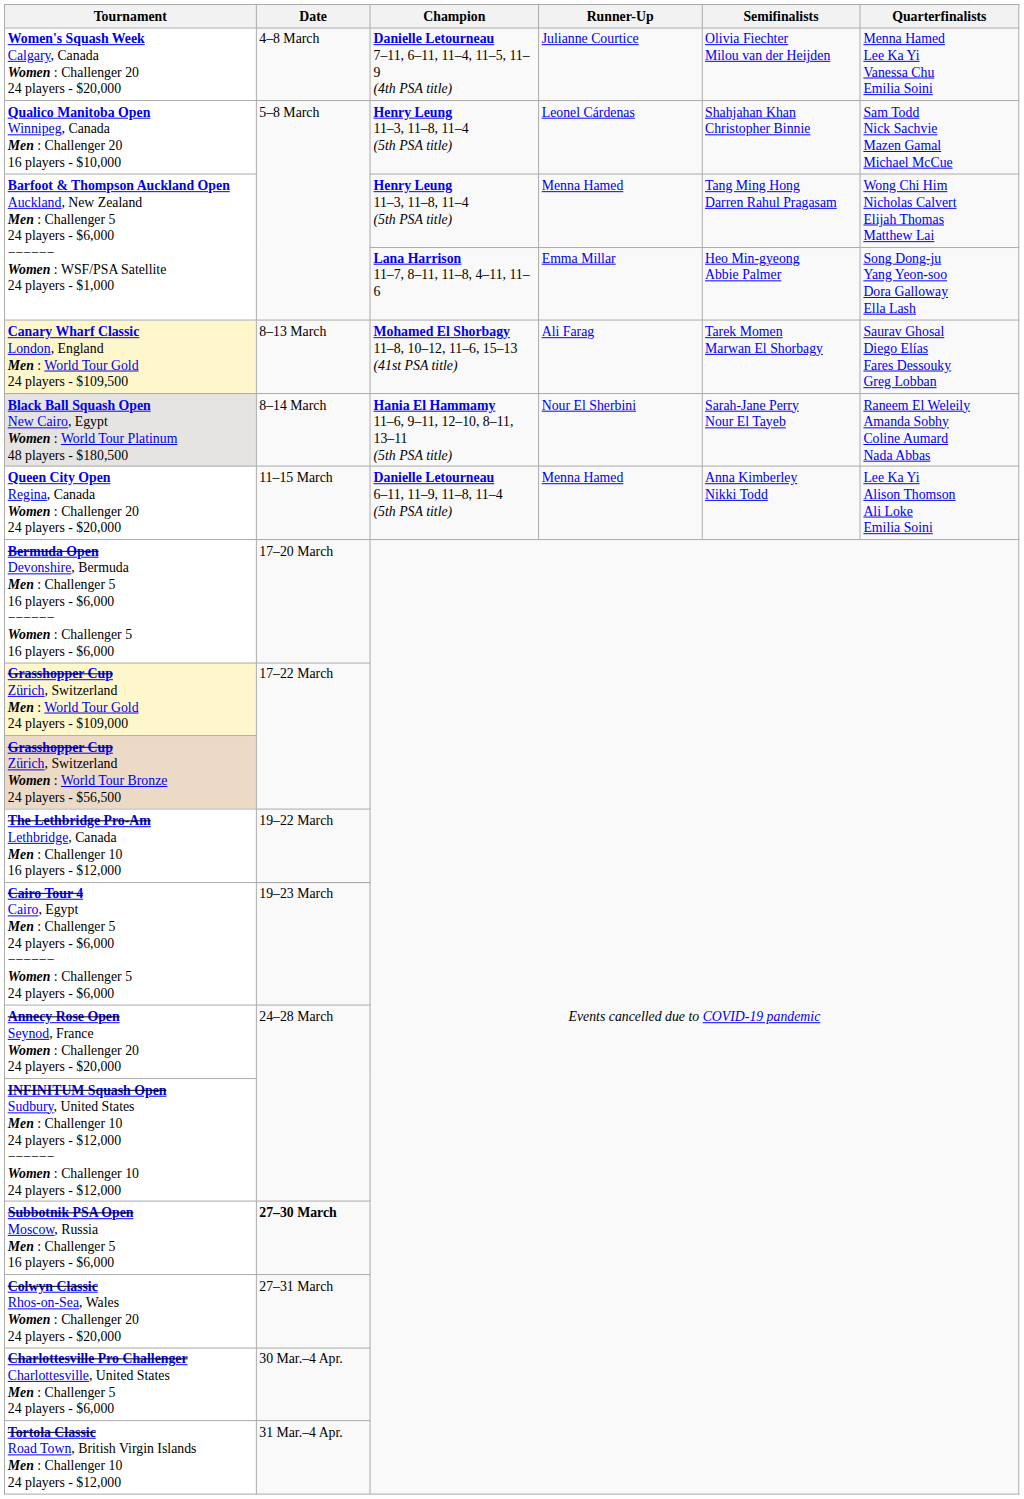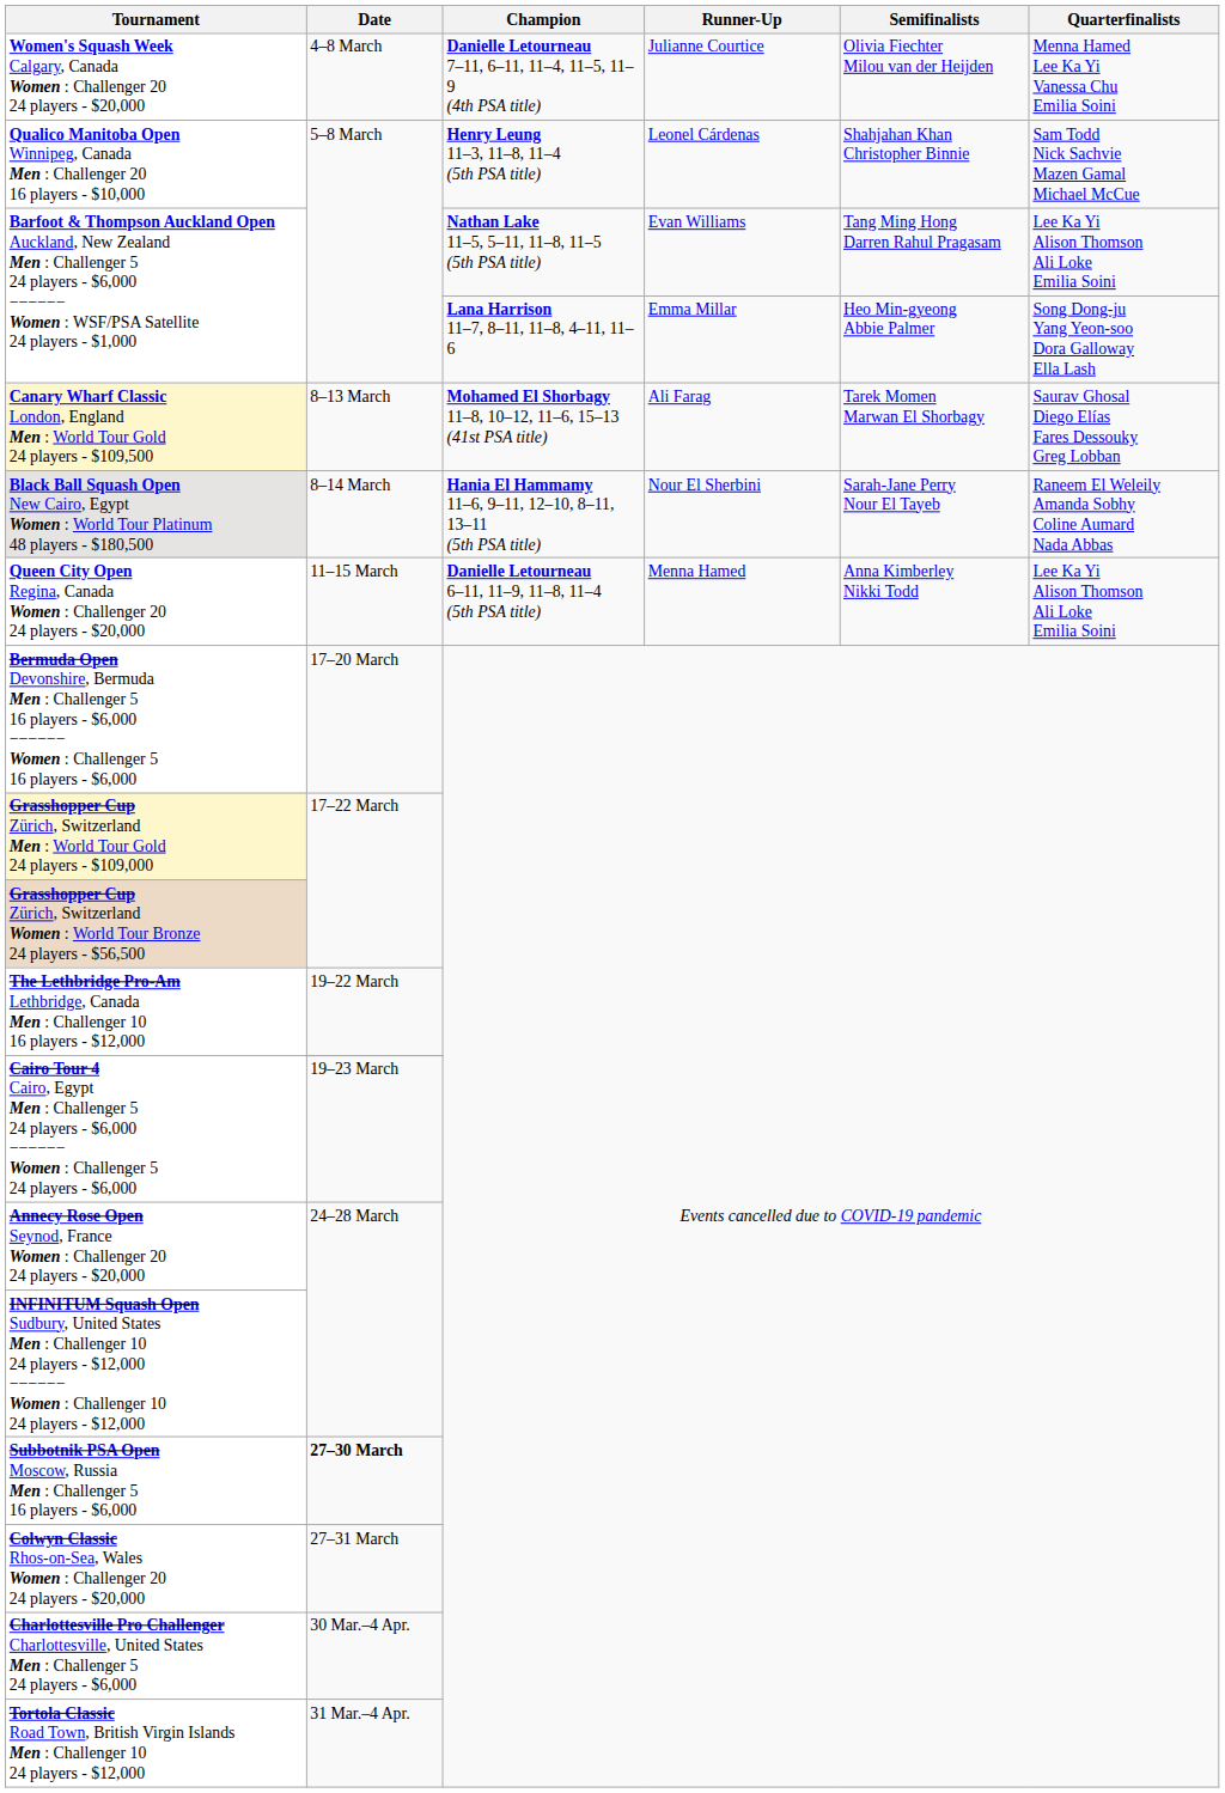 <table class="wikitable" style="font-size:88%">
 <tr>
 <th width=250>Tournament</th>
 <th width=110>Date</th>
 <th width=165>Champion</th>
 <th width=160>Runner-Up</th>
 <th width=155>Semifinalists</th>
 <th width=155>Quarterfinalists</th>
 </tr>
 <tr valign=top>
 <td style="background:#fff;"><strong><a href='#'> Women's Squash Week</a></strong><br> <a href='#'>Calgary</a>, Canada<br><strong> <em>Women</em> </strong>: Challenger 20<br>24 players - $20,000</td>
 <td>4–8 March</td>
 <td> <strong><a href='#'>Danielle Letourneau</a></strong><br>7–11, 6–11, 11–4, 11–5, 11–9<br><em>(4th PSA title)</em></td>
 <td> <a href='#'>Julianne Courtice</a></td>
 <td> <a href='#'>Olivia Fiechter</a><br> <a href='#'>Milou van der Heijden</a></td>
 <td> <a href='#'>Menna Hamed</a><br> <a href='#'>Lee Ka Yi</a><br> <a href='#'>Vanessa Chu</a><br> <a href='#'>Emilia Soini</a></td>
 </tr>
 <tr valign=top>
 <td style="background:#fff;"><strong><a href='#'>Qualico Manitoba Open</a></strong><br> <a href='#'>Winnipeg</a>, Canada<br><strong> <em>Men</em> </strong>: Challenger 20<br>16 players - $10,000</td>
 <td rowspan=3>5–8 March</td>
 <td> <strong><a href='#'>Henry Leung</a></strong><br>11–3, 11–8, 11–4<br><em>(5th PSA title)</em></td>
 <td> <a href='#'>Leonel Cárdenas</a></td>
 <td> <a href='#'>Shahjahan Khan</a><br> <a href='#'>Christopher Binnie</a></td>
 <td> <a href='#'>Sam Todd</a><br> <a href='#'>Nick Sachvie</a><br> <a href='#'>Mazen Gamal</a><br> <a href='#'>Michael McCue</a></td>
 </tr>
 <tr valign=top>
 <td rowspan=2 style="background:#fff;"><strong><a href='#'>Barfoot & Thompson Auckland Open</a></strong><br> <a href='#'>Auckland</a>, New Zealand<br><strong> <em>Men</em> </strong>: Challenger 5<br>24 players - $6,000<br>−−−−−−<br><strong> <em>Women</em> </strong>: WSF/PSA Satellite<br>24 players - $1,000</td>
-<td> <strong><a href='#'>Henry Leung</a></strong><br>11–3, 11–8, 11–4<br><em>(5th PSA title)</em></td>
-<td> <a href='#'>Menna Hamed</a></td>
+<td> <strong><a href='#'>Nathan Lake</a></strong><br>11–5, 5–11, 11–8, 11–5<br><em>(5th PSA title)</em></td>
+<td> <a href='#'>Evan Williams</a></td>
 <td> <a href='#'>Tang Ming Hong</a><br> <a href='#'>Darren Rahul Pragasam</a></td>
-<td> <a href='#'>Wong Chi Him</a><br> <a href='#'>Nicholas Calvert</a><br> <a href='#'>Elijah Thomas</a><br> <a href='#'>Matthew Lai</a></td>
+<td> <a href='#'>Lee Ka Yi</a><br> <a href='#'>Alison Thomson</a><br> <a href='#'>Ali Loke</a><br> <a href='#'>Emilia Soini</a></td>
 </tr>
 <tr valign=top>
 <td> <strong><a href='#'>Lana Harrison</a></strong><br>11–7, 8–11, 11–8, 4–11, 11–6</td>
 <td> <a href='#'>Emma Millar</a></td>
 <td> <a href='#'>Heo Min-gyeong</a><br> <a href='#'>Abbie Palmer</a></td>
 <td> <a href='#'>Song Dong-ju</a><br> <a href='#'>Yang Yeon-soo</a><br> <a href='#'>Dora Galloway</a><br> <a href='#'>Ella Lash</a></td>
 </tr>
 <tr valign=top>
 <td style="background:#fff7cc;"><strong><a href='#'>Canary Wharf Classic</a></strong><br> <a href='#'>London</a>, England<br><strong> <em>Men</em> </strong>: <a href='#'>World Tour Gold</a><br>24 players - $109,500</td>
 <td>8–13 March</td>
 <td> <strong><a href='#'>Mohamed El Shorbagy</a></strong><br>11–8, 10–12, 11–6, 15–13<br><em>(41st PSA title)</em></td>
 <td> <a href='#'>Ali Farag</a></td>
 <td> <a href='#'>Tarek Momen</a><br> <a href='#'>Marwan El Shorbagy</a></td>
 <td> <a href='#'>Saurav Ghosal</a><br> <a href='#'>Diego Elías</a><br> <a href='#'>Fares Dessouky</a><br> <a href='#'>Greg Lobban</a></td>
 </tr>
 <tr valign=top>
 <td style="background:#E5E4E2;"><strong><a href='#'> Black Ball Squash Open</a></strong><br> <a href='#'>New Cairo</a>, Egypt<br><strong> <em>Women</em> </strong>: <a href='#'>World Tour Platinum</a><br>48 players - $180,500</td>
 <td>8–14 March</td>
 <td> <strong><a href='#'>Hania El Hammamy</a></strong><br>11–6, 9–11, 12–10, 8–11, 13–11<br><em>(5th PSA title)</em></td>
 <td> <a href='#'>Nour El Sherbini</a></td>
 <td> <a href='#'>Sarah-Jane Perry</a><br> <a href='#'>Nour El Tayeb</a></td>
 <td> <a href='#'>Raneem El Weleily</a><br> <a href='#'>Amanda Sobhy</a><br> <a href='#'>Coline Aumard</a><br> <a href='#'>Nada Abbas</a></td>
 </tr>
 <tr valign=top>
 <td style="background:#fff;"><strong><a href='#'>Queen City Open</a></strong><br> <a href='#'>Regina</a>, Canada<br><strong> <em>Women</em> </strong>: Challenger 20<br>24 players - $20,000</td>
 <td>11–15 March</td>
 <td> <strong><a href='#'>Danielle Letourneau</a></strong><br>6–11, 11–9, 11–8, 11–4<br><em>(5th PSA title)</em></td>
 <td> <a href='#'>Menna Hamed</a></td>
 <td> <a href='#'>Anna Kimberley</a><br> <a href='#'>Nikki Todd</a></td>
 <td> <a href='#'>Lee Ka Yi</a><br> <a href='#'>Alison Thomson</a><br> <a href='#'>Ali Loke</a><br> <a href='#'>Emilia Soini</a></td>
 </tr>
 <tr valign=top>
 <td rowspan=1 style="background:#fff;"><strong><s><a href='#'>Bermuda Open</a></s></strong><br> <a href='#'>Devonshire</a>, Bermuda<br><strong> <em>Men</em> </strong>: Challenger 5<br>16 players - $6,000<br>−−−−−−<br><strong> <em>Women</em> </strong>: Challenger 5<br>16 players - $6,000</td>
 <td rowspan=1>17–20 March</td>
 <td colspan="4" rowspan="12" style="vertical-align:middle; text-align:center;"><em>Events cancelled due to <a href='#'>COVID-19 pandemic</a></em></td>
 </tr>
 <tr valign=top>
 <td style="background:#fff7cc;"><strong><s><a href='#'>Grasshopper Cup</a></s></strong><br> <a href='#'>Zürich</a>, Switzerland<br><strong> <em>Men</em> </strong>: <a href='#'>World Tour Gold</a><br>24 players - $109,000</td>
 <td rowspan=2>17–22 March</td>
 </tr>
 <tr valign=top>
 <td style="background:#ecd9c6;"><strong><s><a href='#'>Grasshopper Cup</a></s></strong><br> <a href='#'>Zürich</a>, Switzerland<br><strong> <em>Women</em> </strong>: <a href='#'>World Tour Bronze</a><br>24 players - $56,500</td>
 </tr>
 <tr valign=top>
 <td style="background:#fff;"><strong><s><a href='#'>The Lethbridge Pro-Am</a></s></strong><br> <a href='#'>Lethbridge</a>, Canada<br><strong> <em>Men</em> </strong>: Challenger 10<br>16 players - $12,000</td>
 <td>19–22 March</td>
 </tr>
 <tr valign=top>
 <td rowspan=2 style="background:#fff;"><strong><s><a href='#'> Cairo Tour 4</a></s></strong><br> <a href='#'>Cairo</a>, Egypt<br><strong> <em>Men</em> </strong>: Challenger 5<br>24 players - $6,000<br>−−−−−−<br><strong> <em>Women</em> </strong>: Challenger 5<br>24 players - $6,000</td>
 </tr>
 <tr valign=top>
 <td rowspan=1>19–23 March</td>
 </tr>
 <tr valign=top>
 <td style="background:#fff;"><strong><s><a href='#'>Annecy Rose Open</a></s></strong><br> <a href='#'>Seynod</a>, France<br><strong> <em>Women</em> </strong>: Challenger 20<br>24 players - $20,000</td>
 <td rowspan=2>24–28 March</td>
 </tr>
 <tr valign=top>
 <td rowspan=1 style="background:#fff;"><strong><s><a href='#'>INFINITUM Squash Open</a></s></strong><br> <a href='#'>Sudbury</a>, United States<br><strong> <em>Men</em> </strong>: Challenger 10<br>24 players - $12,000<br>−−−−−−<br><strong> <em>Women</em> </strong>: Challenger 10<br>24 players - $12,000</td>
 </tr>
 <tr valign=top>
 <td style="background:#fff;"><strong><s><a href='#'>Subbotnik PSA Open</a></s></strong><br> <a href='#'>Moscow</a>, Russia<br><strong> <em>Men</em> </strong>: Challenger 5<br>16 players - $6,000</td>
 <td><strong>27–30 March</strong></td>
 </tr>
 <tr valign=top>
 <td style="background:#fff;"><strong><s><a href='#'>Colwyn Classic</a></s></strong><br> <a href='#'>Rhos-on-Sea</a>, Wales<br><strong> <em>Women</em> </strong>: Challenger 20<br>24 players - $20,000</td>
 <td>27–31 March</td>
 </tr>
 <tr valign=top>
 <td style="background:#fff;"><strong><s><a href='#'>Charlottesville Pro Challenger</a></s></strong><br> <a href='#'>Charlottesville</a>, United States<br><strong> <em>Men</em> </strong>: Challenger 5<br>24 players - $6,000</td>
 <td>30 Mar.–4 Apr.</td>
 </tr>
 <tr valign=top>
 <td style="background:#fff;"><strong><s><a href='#'> Tortola Classic</a></s></strong><br> <a href='#'>Road Town</a>, British Virgin Islands<br><strong> <em>Men</em> </strong>: Challenger 10<br>24 players - $12,000</td>
 <td>31 Mar.–4 Apr.</td>
 </tr>
 </table>
